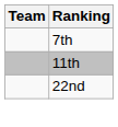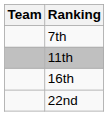 <table class="wikitable">
 <tr>
 <th>Team</th>
 <th>Ranking</th>
 </tr>
 <tr>
 <td></td>
 <td>7th</td>
 </tr>
 <tr style="background:#c0c0c0;">
 <td></td>
 <td>11th</td>
 </tr>
 <tr>
 <td></td>
+<td>16th</td>
+</tr>
+<tr>
+<td></td>
 <td>22nd</td>
 </tr>
 </table>
